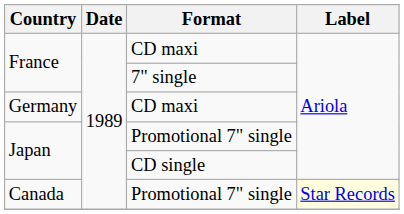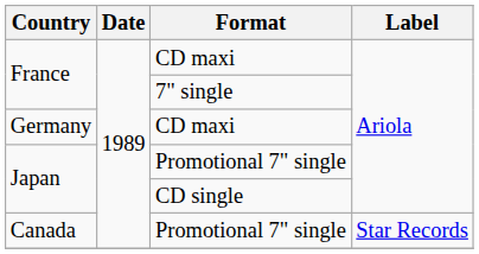 <table class=wikitable>
 <tr>
 <th>Country</th>
 <th>Date</th>
 <th>Format</th>
 <th>Label</th>
 </tr>
 <tr>
 <td rowspan="2">France</td>
 <td rowspan="6">1989</td>
 <td>CD maxi</td>
 <td rowspan="5"><a href='#'>Ariola</a></td>
 </tr>
 <tr>
 <td>7" single</td>
 </tr>
 <tr>
 <td>Germany</td>
 <td>CD maxi</td>
 </tr>
 <tr>
 <td rowspan="2">Japan</td>
 <td>Promotional 7" single</td>
 </tr>
 <tr>
 <td>CD single</td>
 </tr>
 <tr>
 <td>Canada</td>
 <td>Promotional 7" single</td>
-<td style="background: lightyellow;"><a href='#'>Star Records</a></td>
+<td><a href='#'>Star Records</a></td>
 </tr>
 <tr>
 </tr>
 </table>
